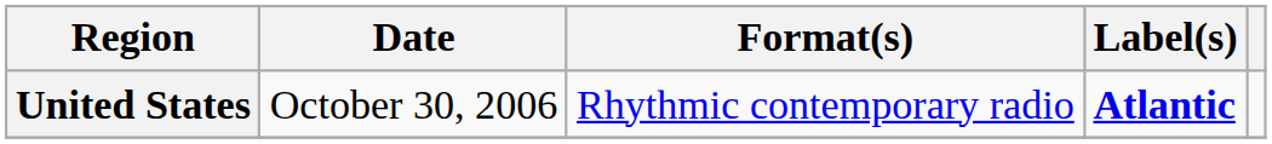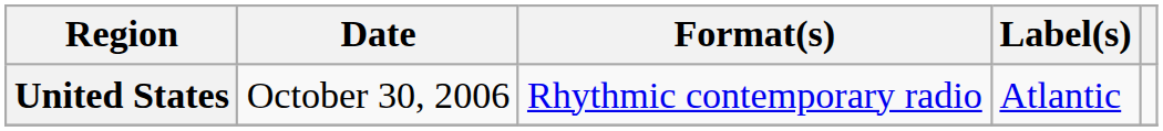 <table class="wikitable plainrowheaders">
 <tr>
 <th scope="col">Region</th>
 <th scope="col">Date</th>
 <th scope="col">Format(s)</th>
 <th scope="col">Label(s)</th>
 <th scope="col"></th>
 </tr>
 <tr>
 <th scope="row">United States</th>
 <td>October 30, 2006</td>
 <td><a href='#'>Rhythmic contemporary radio</a></td>
-<td><strong><a href='#'>Atlantic</a></strong></td>
+<td><a href='#'>Atlantic</a></td>
 <td align="center"></td>
 </tr>
 <tr>
 </tr>
 </table>
